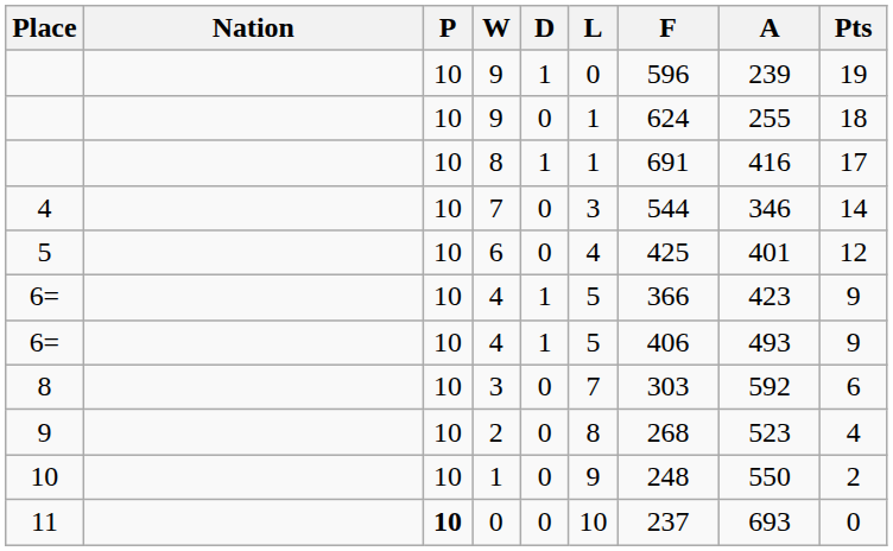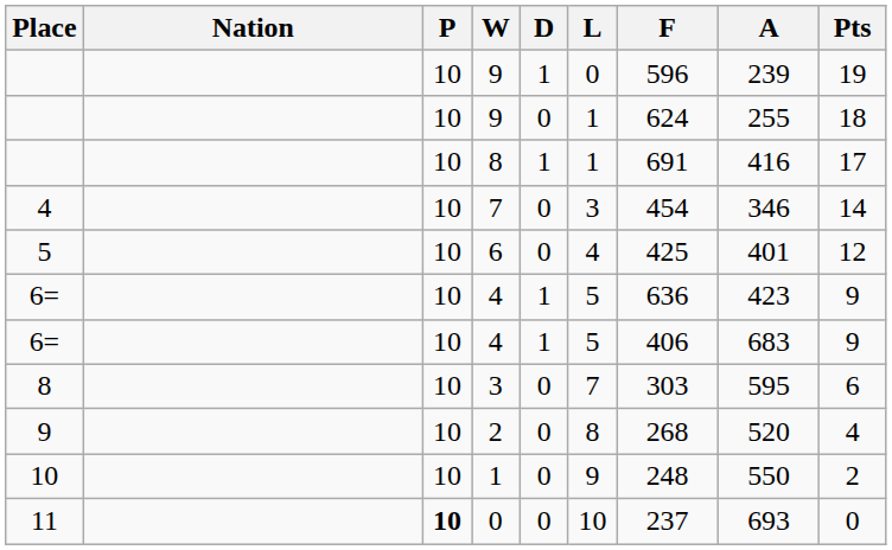 <table class=wikitable style=text-align:center>
 <tr>
 <th width=35>Place</th>
 <th width=185>Nation</th>
 <th width=20>P</th>
 <th width=20>W</th>
 <th width=20>D</th>
 <th width=20>L</th>
 <th width=50>F</th>
 <th width=50>A</th>
 <th width=30>Pts</th>
 </tr>
 <tr>
 <td></td>
 <td style=text-align:left></td>
 <td>10</td>
 <td>9</td>
 <td>1</td>
 <td>0</td>
 <td>596</td>
 <td>239</td>
 <td>19</td>
 </tr>
 <tr>
 <td></td>
 <td style=text-align:left></td>
 <td>10</td>
 <td>9</td>
 <td>0</td>
 <td>1</td>
 <td>624</td>
 <td>255</td>
 <td>18</td>
 </tr>
 <tr>
 <td></td>
 <td style=text-align:left></td>
 <td>10</td>
 <td>8</td>
 <td>1</td>
 <td>1</td>
 <td>691</td>
 <td>416</td>
 <td>17</td>
 </tr>
 <tr>
 <td>4</td>
 <td style=text-align:left></td>
 <td>10</td>
 <td>7</td>
 <td>0</td>
 <td>3</td>
-<td>544</td>
+<td>454</td>
 <td>346</td>
 <td>14</td>
 </tr>
 <tr>
 <td>5</td>
 <td style=text-align:left></td>
 <td>10</td>
 <td>6</td>
 <td>0</td>
 <td>4</td>
 <td>425</td>
 <td>401</td>
 <td>12</td>
 </tr>
 <tr>
 <td>6=</td>
 <td style=text-align:left></td>
 <td>10</td>
 <td>4</td>
 <td>1</td>
 <td>5</td>
-<td>366</td>
+<td>636</td>
 <td>423</td>
 <td>9</td>
 </tr>
 <tr>
 <td>6=</td>
 <td style=text-align:left></td>
 <td>10</td>
 <td>4</td>
 <td>1</td>
 <td>5</td>
 <td>406</td>
-<td>493</td>
+<td>683</td>
 <td>9</td>
 </tr>
 <tr>
 <td>8</td>
 <td style=text-align:left></td>
 <td>10</td>
 <td>3</td>
 <td>0</td>
 <td>7</td>
 <td>303</td>
-<td>592</td>
+<td>595</td>
 <td>6</td>
 </tr>
 <tr>
 <td>9</td>
 <td style=text-align:left></td>
 <td>10</td>
 <td>2</td>
 <td>0</td>
 <td>8</td>
 <td>268</td>
-<td>523</td>
+<td>520</td>
 <td>4</td>
 </tr>
 <tr>
 <td>10</td>
 <td style=text-align:left></td>
 <td>10</td>
 <td>1</td>
 <td>0</td>
 <td>9</td>
 <td>248</td>
 <td>550</td>
 <td>2</td>
 </tr>
 <tr>
 <td>11</td>
 <td style=text-align:left></td>
 <td><strong>10</strong></td>
 <td>0</td>
 <td>0</td>
 <td>10</td>
 <td>237</td>
 <td>693</td>
 <td>0</td>
 </tr>
 </table>
